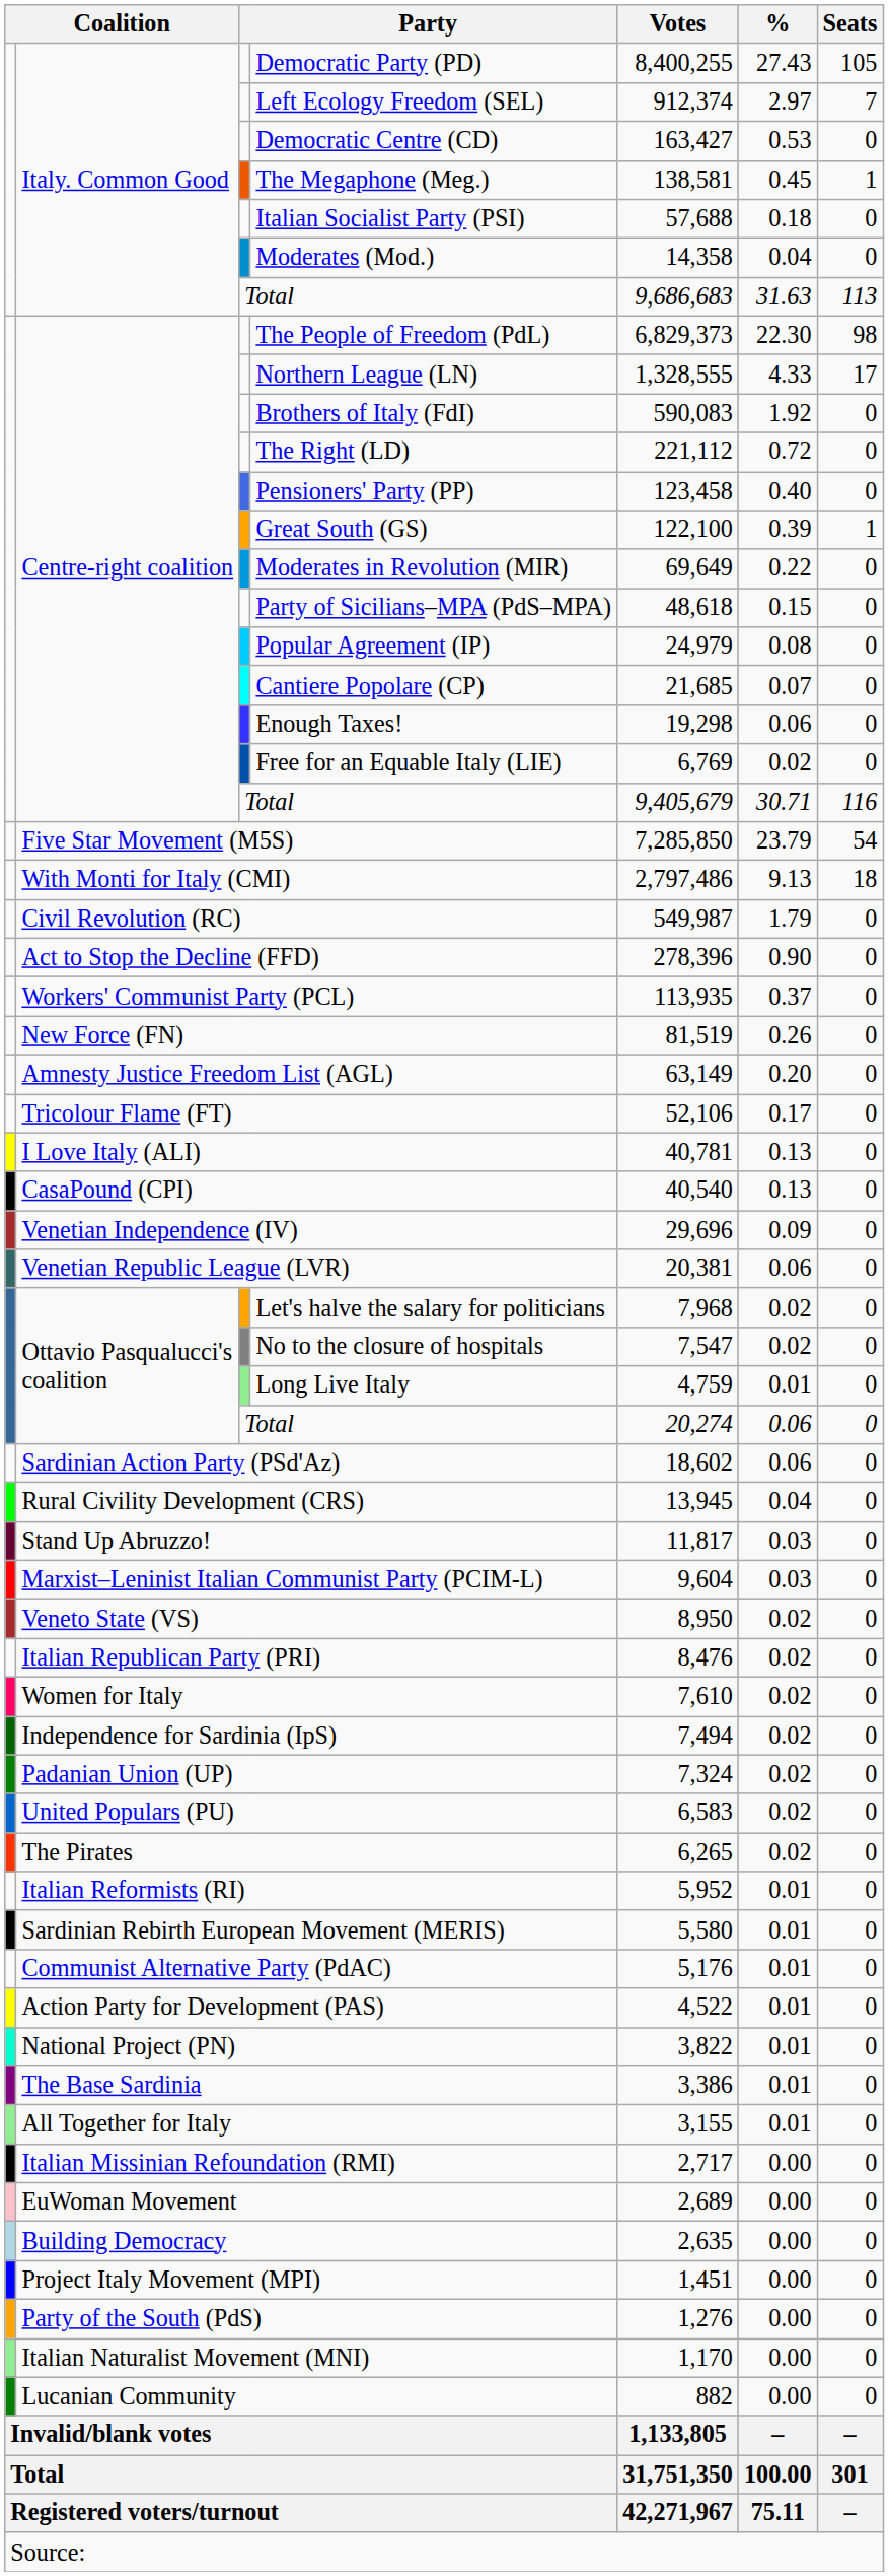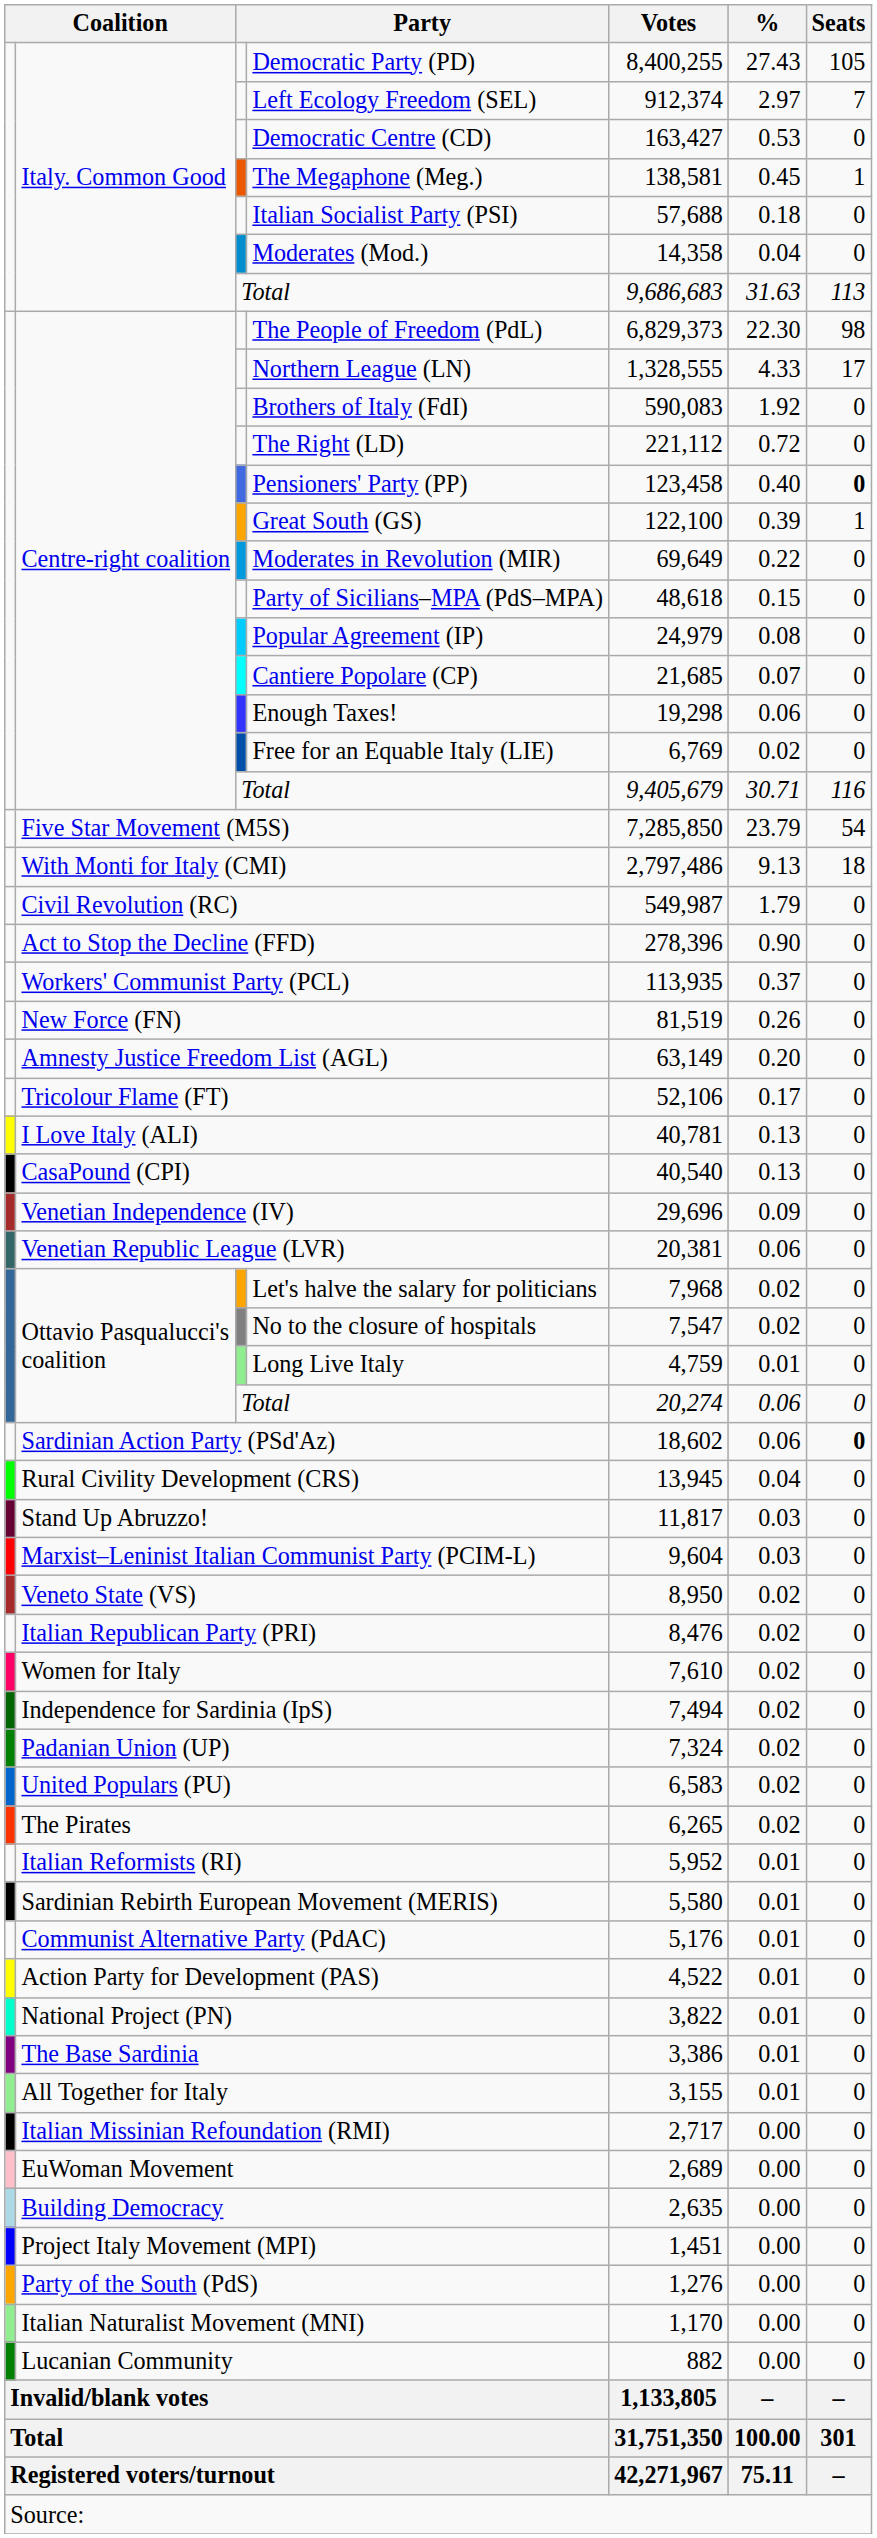 <table class="wikitable" style="text-align:right">
 <tr>
 <th colspan=2>Coalition</th>
 <th colspan=2>Party</th>
 <th>Votes</th>
 <th>%</th>
 <th>Seats</th>
 </tr>
 <tr>
 <td rowspan=7></td>
 <td style="text-align:left;" rowspan="7"><a href='#'>Italy. Common Good</a></td>
 <td></td>
 <td align=left><a href='#'>Democratic Party</a> (PD)</td>
 <td>8,400,255</td>
 <td>27.43</td>
 <td>105</td>
 </tr>
 <tr>
 <td bgcolor=></td>
 <td align=left><a href='#'>Left Ecology Freedom</a> (SEL)</td>
 <td>912,374</td>
 <td>2.97</td>
 <td>7</td>
 </tr>
 <tr>
 <td></td>
 <td align=left><a href='#'>Democratic Centre</a> (CD)</td>
 <td>163,427</td>
 <td>0.53</td>
 <td>0</td>
 </tr>
 <tr>
 <td style="background:#EC5800;"></td>
 <td align=left><a href='#'>The Megaphone</a> (Meg.)</td>
 <td>138,581</td>
 <td>0.45</td>
 <td>1</td>
 </tr>
 <tr>
 <td></td>
 <td align=left><a href='#'>Italian Socialist Party</a> (PSI)</td>
 <td>57,688</td>
 <td>0.18</td>
 <td>0</td>
 </tr>
 <tr>
 <td style="background:#008ECE;"></td>
 <td align=left><a href='#'>Moderates</a> (Mod.)</td>
 <td>14,358</td>
 <td>0.04</td>
 <td>0</td>
 </tr>
 <tr>
 <td colspan="2" style="text-align:left;"><em>Total</em></td>
 <td><em>9,686,683</em></td>
 <td><em>31.63</em></td>
 <td><em>113</em></td>
 </tr>
 <tr>
 <td rowspan=13 style="background:"></td>
 <td style="text-align:left;" rowspan="13"><a href='#'>Centre-right coalition</a></td>
 <td></td>
 <td align=left><a href='#'>The People of Freedom</a> (PdL)</td>
 <td>6,829,373</td>
 <td>22.30</td>
 <td>98</td>
 </tr>
 <tr>
 <td></td>
 <td align=left><a href='#'>Northern League</a> (LN)</td>
 <td>1,328,555</td>
 <td>4.33</td>
 <td>17</td>
 </tr>
 <tr>
 <td></td>
 <td align=left><a href='#'>Brothers of Italy</a> (FdI)</td>
 <td>590,083</td>
 <td>1.92</td>
 <td>0</td>
 </tr>
 <tr>
 <td></td>
 <td align=left><a href='#'>The Right</a> (LD)</td>
 <td>221,112</td>
 <td>0.72</td>
 <td>0</td>
 </tr>
 <tr>
 <td style="background:#4169e1;"></td>
 <td align=left><a href='#'>Pensioners' Party</a> (PP)</td>
 <td>123,458</td>
 <td>0.40</td>
-<td>0</td>
+<td><strong>0</strong></td>
 </tr>
 <tr>
 <td style="background:orange;"></td>
 <td align=left><a href='#'>Great South</a> (GS)</td>
 <td>122,100</td>
 <td>0.39</td>
 <td>1</td>
 </tr>
 <tr>
 <td style="background:#09d;"></td>
 <td align=left><a href='#'>Moderates in Revolution</a> (MIR)</td>
 <td>69,649</td>
 <td>0.22</td>
 <td>0</td>
 </tr>
 <tr>
 <td></td>
 <td align=left><a href='#'>Party of Sicilians</a>–<a href='#'>MPA</a> (PdS–MPA)</td>
 <td>48,618</td>
 <td>0.15</td>
 <td>0</td>
 </tr>
 <tr>
 <td style="background:#0cf;"></td>
 <td align=left><a href='#'>Popular Agreement</a> (IP)</td>
 <td>24,979</td>
 <td>0.08</td>
 <td>0</td>
 </tr>
 <tr>
 <td style="background:#0ff;"></td>
 <td align=left><a href='#'>Cantiere Popolare</a> (CP)</td>
 <td>21,685</td>
 <td>0.07</td>
 <td>0</td>
 </tr>
 <tr>
 <td style="background:#33f;"></td>
 <td align=left>Enough Taxes!</td>
 <td>19,298</td>
 <td>0.06</td>
 <td>0</td>
 </tr>
 <tr>
 <td style="background:#0050AA;"></td>
 <td align=left>Free for an Equable Italy (LIE)</td>
 <td>6,769</td>
 <td>0.02</td>
 <td>0</td>
 </tr>
 <tr>
 <td colspan="2" style="text-align:left;"><em>Total</em></td>
 <td><em>9,405,679</em></td>
 <td><em>30.71</em></td>
 <td><em>116</em></td>
 </tr>
 <tr>
 <td style=background-color:></td>
 <td style="text-align:left;" colspan="3"><a href='#'>Five Star Movement</a> (M5S)</td>
 <td>7,285,850</td>
 <td>23.79</td>
 <td>54</td>
 </tr>
 <tr>
 <td style="background-color:"></td>
 <td style="text-align:left;" colspan="3"><a href='#'>With Monti for Italy</a> (CMI)</td>
 <td>2,797,486</td>
 <td>9.13</td>
 <td>18</td>
 </tr>
 <tr>
 <td style="background-color:"></td>
 <td style="text-align:left;" colspan="3"><a href='#'>Civil Revolution</a> (RC)</td>
 <td>549,987</td>
 <td>1.79</td>
 <td>0</td>
 </tr>
 <tr>
 <td style="background-color:"></td>
 <td colspan="3" style="text-align:left;"><a href='#'>Act to Stop the Decline</a> (FFD)</td>
 <td>278,396</td>
 <td>0.90</td>
 <td>0</td>
 </tr>
 <tr>
 <td style="background-color:"></td>
 <td style="text-align:left;" colspan="3"><a href='#'>Workers' Communist Party</a> (PCL)</td>
 <td>113,935</td>
 <td>0.37</td>
 <td>0</td>
 </tr>
 <tr>
 <td style="background-color:"></td>
 <td style="text-align:left;" colspan="3"><a href='#'>New Force</a> (FN)</td>
 <td>81,519</td>
 <td>0.26</td>
 <td>0</td>
 </tr>
 <tr>
 <td style="background-color:"></td>
 <td style="text-align:left;" colspan="3"><a href='#'>Amnesty Justice Freedom List</a> (AGL)</td>
 <td>63,149</td>
 <td>0.20</td>
 <td>0</td>
 </tr>
 <tr>
 <td style="background:"></td>
 <td style="text-align:left;" colspan="3"><a href='#'>Tricolour Flame</a> (FT)</td>
 <td>52,106</td>
 <td>0.17</td>
 <td>0</td>
 </tr>
 <tr>
 <td style="background:yellow;"></td>
 <td style="text-align:left;" colspan="3"><a href='#'>I Love Italy</a> (ALI)</td>
 <td>40,781</td>
 <td>0.13</td>
 <td>0</td>
 </tr>
 <tr>
 <td style="background:black;"></td>
 <td style="text-align:left;" colspan="3"><a href='#'>CasaPound</a> (CPI)</td>
 <td>40,540</td>
 <td>0.13</td>
 <td>0</td>
 </tr>
 <tr>
 <td style="background:brown;"></td>
 <td style="text-align:left;" colspan="3"><a href='#'>Venetian Independence</a> (IV)</td>
 <td>29,696</td>
 <td>0.09</td>
 <td>0</td>
 </tr>
 <tr>
 <td style="background:#366;"></td>
 <td style="text-align:left;" colspan="3"><a href='#'>Venetian Republic League</a> (LVR)</td>
 <td>20,381</td>
 <td>0.06</td>
 <td>0</td>
 </tr>
 <tr>
 <td rowspan="4" style="background:#369;"></td>
 <td rowspan="4" style="text-align:left;">Ottavio Pasqualucci's <br> coalition</td>
 <td style="background:orange;"></td>
 <td align=left>Let's halve the salary for politicians</td>
 <td>7,968</td>
 <td>0.02</td>
 <td>0</td>
 </tr>
 <tr>
 <td style="background:gray;"></td>
 <td align=left>No to the closure of hospitals</td>
 <td>7,547</td>
 <td>0.02</td>
 <td>0</td>
 </tr>
 <tr>
 <td style="background:lightgreen;"></td>
 <td align=left>Long Live Italy</td>
 <td>4,759</td>
 <td>0.01</td>
 <td>0</td>
 </tr>
 <tr>
 <td colspan="2" style="text-align:left;"><em>Total</em></td>
 <td><em>20,274</em></td>
 <td><em>0.06</em></td>
 <td><em>0</em></td>
 </tr>
 <tr>
 <td style="background:"></td>
 <td style="text-align:left;" colspan="3"><a href='#'>Sardinian Action Party</a> (PSd'Az)</td>
 <td>18,602</td>
 <td>0.06</td>
-<td>0</td>
+<td><strong>0</strong></td>
 </tr>
 <tr>
 <td style="background:#0f0;"></td>
 <td style="text-align:left;" colspan="3">Rural Civility Development (CRS)</td>
 <td>13,945</td>
 <td>0.04</td>
 <td>0</td>
 </tr>
 <tr>
 <td style="background:#603;"></td>
 <td style="text-align:left;" colspan="3">Stand Up Abruzzo!</td>
 <td>11,817</td>
 <td>0.03</td>
 <td>0</td>
 </tr>
 <tr>
 <td style="background:red;"></td>
 <td style="text-align:left;" colspan="3"><a href='#'>Marxist–Leninist Italian Communist Party</a> (PCIM-L)</td>
 <td>9,604</td>
 <td>0.03</td>
 <td>0</td>
 </tr>
 <tr>
 <td style="background:brown;"></td>
 <td style="text-align:left;" colspan="3"><a href='#'>Veneto State</a> (VS)</td>
 <td>8,950</td>
 <td>0.02</td>
 <td>0</td>
 </tr>
 <tr>
 <td style="background:"></td>
 <td style="text-align:left;" colspan="3"><a href='#'>Italian Republican Party</a> (PRI)</td>
 <td>8,476</td>
 <td>0.02</td>
 <td>0</td>
 </tr>
 <tr>
 <td style="background:#f06;"></td>
 <td style="text-align:left;" colspan="3">Women for Italy</td>
 <td>7,610</td>
 <td>0.02</td>
 <td>0</td>
 </tr>
 <tr>
 <td style="background:darkgreen;"></td>
 <td style="text-align:left;" colspan="3">Independence for Sardinia (IpS)</td>
 <td>7,494</td>
 <td>0.02</td>
 <td>0</td>
 </tr>
 <tr>
 <td style="background:green;"></td>
 <td style="text-align:left;" colspan="3"><a href='#'>Padanian Union</a> (UP)</td>
 <td>7,324</td>
 <td>0.02</td>
 <td>0</td>
 </tr>
 <tr>
 <td style="background:#06c;"></td>
 <td style="text-align:left;" colspan="3"><a href='#'>United Populars</a> (PU)</td>
 <td>6,583</td>
 <td>0.02</td>
 <td>0</td>
 </tr>
 <tr>
 <td style="background:#f30;"></td>
 <td style="text-align:left;" colspan="3">The Pirates</td>
 <td>6,265</td>
 <td>0.02</td>
 <td>0</td>
 </tr>
 <tr>
 <td style="background-color:"></td>
 <td style="text-align:left;" colspan="3"><a href='#'>Italian Reformists</a> (RI)</td>
 <td>5,952</td>
 <td>0.01</td>
 <td>0</td>
 </tr>
 <tr>
 <td style="background:black;"></td>
 <td style="text-align:left;" colspan="3">Sardinian Rebirth European Movement (MERIS)</td>
 <td>5,580</td>
 <td>0.01</td>
 <td>0</td>
 </tr>
 <tr>
 <td style="background:"></td>
 <td style="text-align:left;" colspan="3"><a href='#'>Communist Alternative Party</a> (PdAC)</td>
 <td>5,176</td>
 <td>0.01</td>
 <td>0</td>
 </tr>
 <tr>
 <td style="background:yellow;"></td>
 <td style="text-align:left;" colspan="3">Action Party for Development (PAS)</td>
 <td>4,522</td>
 <td>0.01</td>
 <td>0</td>
 </tr>
 <tr>
 <td style="background:#0fc;"></td>
 <td style="text-align:left;" colspan="3">National Project (PN)</td>
 <td>3,822</td>
 <td>0.01</td>
 <td>0</td>
 </tr>
 <tr>
 <td style="background:purple;"></td>
 <td style="text-align:left;" colspan="3"><a href='#'>The Base Sardinia</a></td>
 <td>3,386</td>
 <td>0.01</td>
 <td>0</td>
 </tr>
 <tr>
 <td style="background:lightgreen;"></td>
 <td style="text-align:left;" colspan="3">All Together for Italy</td>
 <td>3,155</td>
 <td>0.01</td>
 <td>0</td>
 </tr>
 <tr>
 <td style="background:black;"></td>
 <td style="text-align:left;" colspan="3"><a href='#'>Italian Missinian Refoundation</a> (RMI)</td>
 <td>2,717</td>
 <td>0.00</td>
 <td>0</td>
 </tr>
 <tr>
 <td style="background:pink;"></td>
 <td style="text-align:left;" colspan="3">EuWoman Movement</td>
 <td>2,689</td>
 <td>0.00</td>
 <td>0</td>
 </tr>
 <tr>
 <td style="background:lightblue;"></td>
 <td style="text-align:left;" colspan="3"><a href='#'>Building Democracy</a></td>
 <td>2,635</td>
 <td>0.00</td>
 <td>0</td>
 </tr>
 <tr>
 <td style="background:blue;"></td>
 <td style="text-align:left;" colspan="3">Project Italy Movement (MPI)</td>
 <td>1,451</td>
 <td>0.00</td>
 <td>0</td>
 </tr>
 <tr>
 <td style="background:orange;"></td>
 <td style="text-align:left;" colspan="3"><a href='#'>Party of the South</a> (PdS)</td>
 <td>1,276</td>
 <td>0.00</td>
 <td>0</td>
 </tr>
 <tr>
 <td style="background:lightgreen;"></td>
 <td style="text-align:left;" colspan="3">Italian Naturalist Movement (MNI)</td>
 <td>1,170</td>
 <td>0.00</td>
 <td>0</td>
 </tr>
 <tr>
 <td style="background:green;"></td>
 <td style="text-align:left;" colspan="3">Lucanian Community</td>
 <td>882</td>
 <td>0.00</td>
 <td>0</td>
 </tr>
 <tr>
 <th style="text-align:left;" colspan="4">Invalid/blank votes</th>
 <th>1,133,805</th>
 <th>–</th>
 <th>–</th>
 </tr>
 <tr>
 <th style="text-align:left;" colspan="4"><strong>Total</strong></th>
 <th><strong>31,751,350</strong></th>
 <th><strong>100.00</strong></th>
 <th><strong>301</strong></th>
 </tr>
 <tr>
 <th style="text-align:left;" colspan="4">Registered voters/turnout</th>
 <th>42,271,967</th>
 <th>75.11</th>
 <th>–</th>
 </tr>
 <tr>
 <td style="text-align:left;" colspan="7">Source: </td>
 </tr>
 </table>
